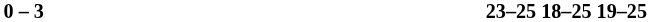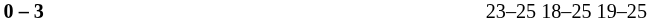 <table width=100% cellspacing=1>
 <tr>
 <th width=20%></th>
 <th width=12%></th>
 <th width=20%></th>
 <th width=33%></th>
 <td></td>
 </tr>
 <tr style=font-size:90%>
 <td align=right></td>
 <td align=center><strong>0 – 3</strong></td>
 <td><strong></strong></td>
-<td><strong>23–25 18–25 19–25</strong></td>
+<td>23–25 18–25 19–25</td>
 </tr>
 </table>
